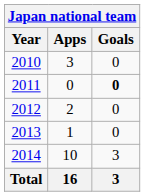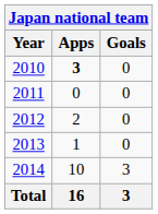 <table class="wikitable" style="text-align:center">
 <tr>
 <th colspan=3><a href='#'>Japan national team</a></th>
 </tr>
 <tr>
 <th>Year</th>
 <th>Apps</th>
 <th>Goals</th>
 </tr>
 <tr>
 <td><a href='#'>2010</a></td>
-<td>3</td>
+<td><strong>3</strong></td>
 <td>0</td>
 </tr>
 <tr>
 <td><a href='#'>2011</a></td>
 <td>0</td>
-<td><strong>0</strong></td>
+<td>0</td>
 </tr>
 <tr>
 <td><a href='#'>2012</a></td>
 <td>2</td>
 <td>0</td>
 </tr>
 <tr>
 <td><a href='#'>2013</a></td>
 <td>1</td>
 <td>0</td>
 </tr>
 <tr>
 <td><a href='#'>2014</a></td>
 <td>10</td>
 <td>3</td>
 </tr>
 <tr>
 <th>Total</th>
 <th>16</th>
 <th>3</th>
 </tr>
 </table>
